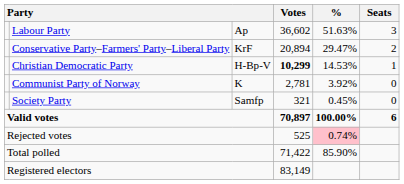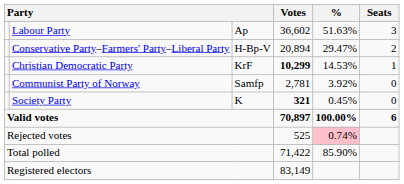 <table class="wikitable" border="1" style="text-align:right;">
 <tr>
 <th style="text-align:left;" colspan=3>Party</th>
 <th align=center width="50">Votes</th>
 <th align=center width="50">%</th>
 <th align=center width="50">Seats</th>
 </tr>
 <tr>
 <td style="color:inherit;background:"></td>
 <td align=left><a href='#'>Labour Party</a></td>
 <td align=left>Ap</td>
 <td>36,602</td>
 <td>51.63%</td>
 <td>3</td>
 </tr>
 <tr>
 <td></td>
 <td align=left><a href='#'>Conservative Party</a>–<a href='#'>Farmers' Party</a>–<a href='#'>Liberal Party</a></td>
-<td align=left>KrF</td>
+<td align=left>H-Bp-V</td>
 <td>20,894</td>
 <td>29.47%</td>
 <td>2</td>
 </tr>
 <tr>
 <td style="color:inherit;background:"></td>
 <td align=left><a href='#'>Christian Democratic Party</a></td>
-<td align=left>H-Bp-V</td>
+<td align=left>KrF</td>
 <td><strong>10,299</strong></td>
 <td>14.53%</td>
 <td>1</td>
 </tr>
 <tr>
 <td style="color:inherit;background:"></td>
 <td align=left><a href='#'>Communist Party of Norway</a></td>
-<td align=left>K</td>
+<td align=left>Samfp</td>
 <td>2,781</td>
 <td>3.92%</td>
 <td>0</td>
 </tr>
 <tr>
 <td></td>
 <td align=left><a href='#'>Society Party</a></td>
-<td align=left>Samfp</td>
-<td>321</td>
+<td align=left>K</td>
+<td><strong>321</strong></td>
 <td>0.45%</td>
 <td>0</td>
 </tr>
 <tr style="font-weight:bold">
 <td align=left colspan=3>Valid votes</td>
 <td>70,897</td>
 <td>100.00%</td>
 <td>6</td>
 </tr>
 <tr>
 <td align=left colspan=3>Rejected votes</td>
 <td>525</td>
 <td style="background: pink;">0.74%</td>
 <td></td>
 </tr>
 <tr>
 <td align=left colspan=3>Total polled</td>
 <td>71,422</td>
 <td>85.90%</td>
 <td></td>
 </tr>
 <tr>
 <td align=left colspan=3>Registered electors</td>
 <td>83,149</td>
 <td></td>
 <td></td>
 </tr>
 </table>
